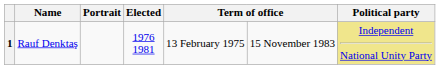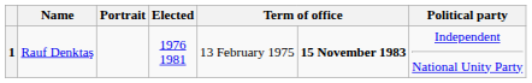 <table class="wikitable" style="text-align:center">
 <tr>
 <th></th>
 <th>Name<br></th>
 <th>Portrait</th>
 <th>Elected</th>
 <th colspan=2>Term of office</th>
 <th>Political party</th>
 </tr>
 <tr>
 <th style="background:">1</th>
 <td><a href='#'>Rauf Denktaş</a><br></td>
 <td></td>
 <td><a href='#'>1976</a><br><a href='#'>1981</a></td>
 <td>13 February 1975</td>
-<td>15 November 1983</td>
-<td style="background: khaki;"><a href='#'>Independent</a><br><hr><a href='#'>National Unity Party</a><br></td>
+<td><strong>15 November 1983</strong></td>
+<td><a href='#'>Independent</a><br><hr><a href='#'>National Unity Party</a><br></td>
 </tr>
 </table>
